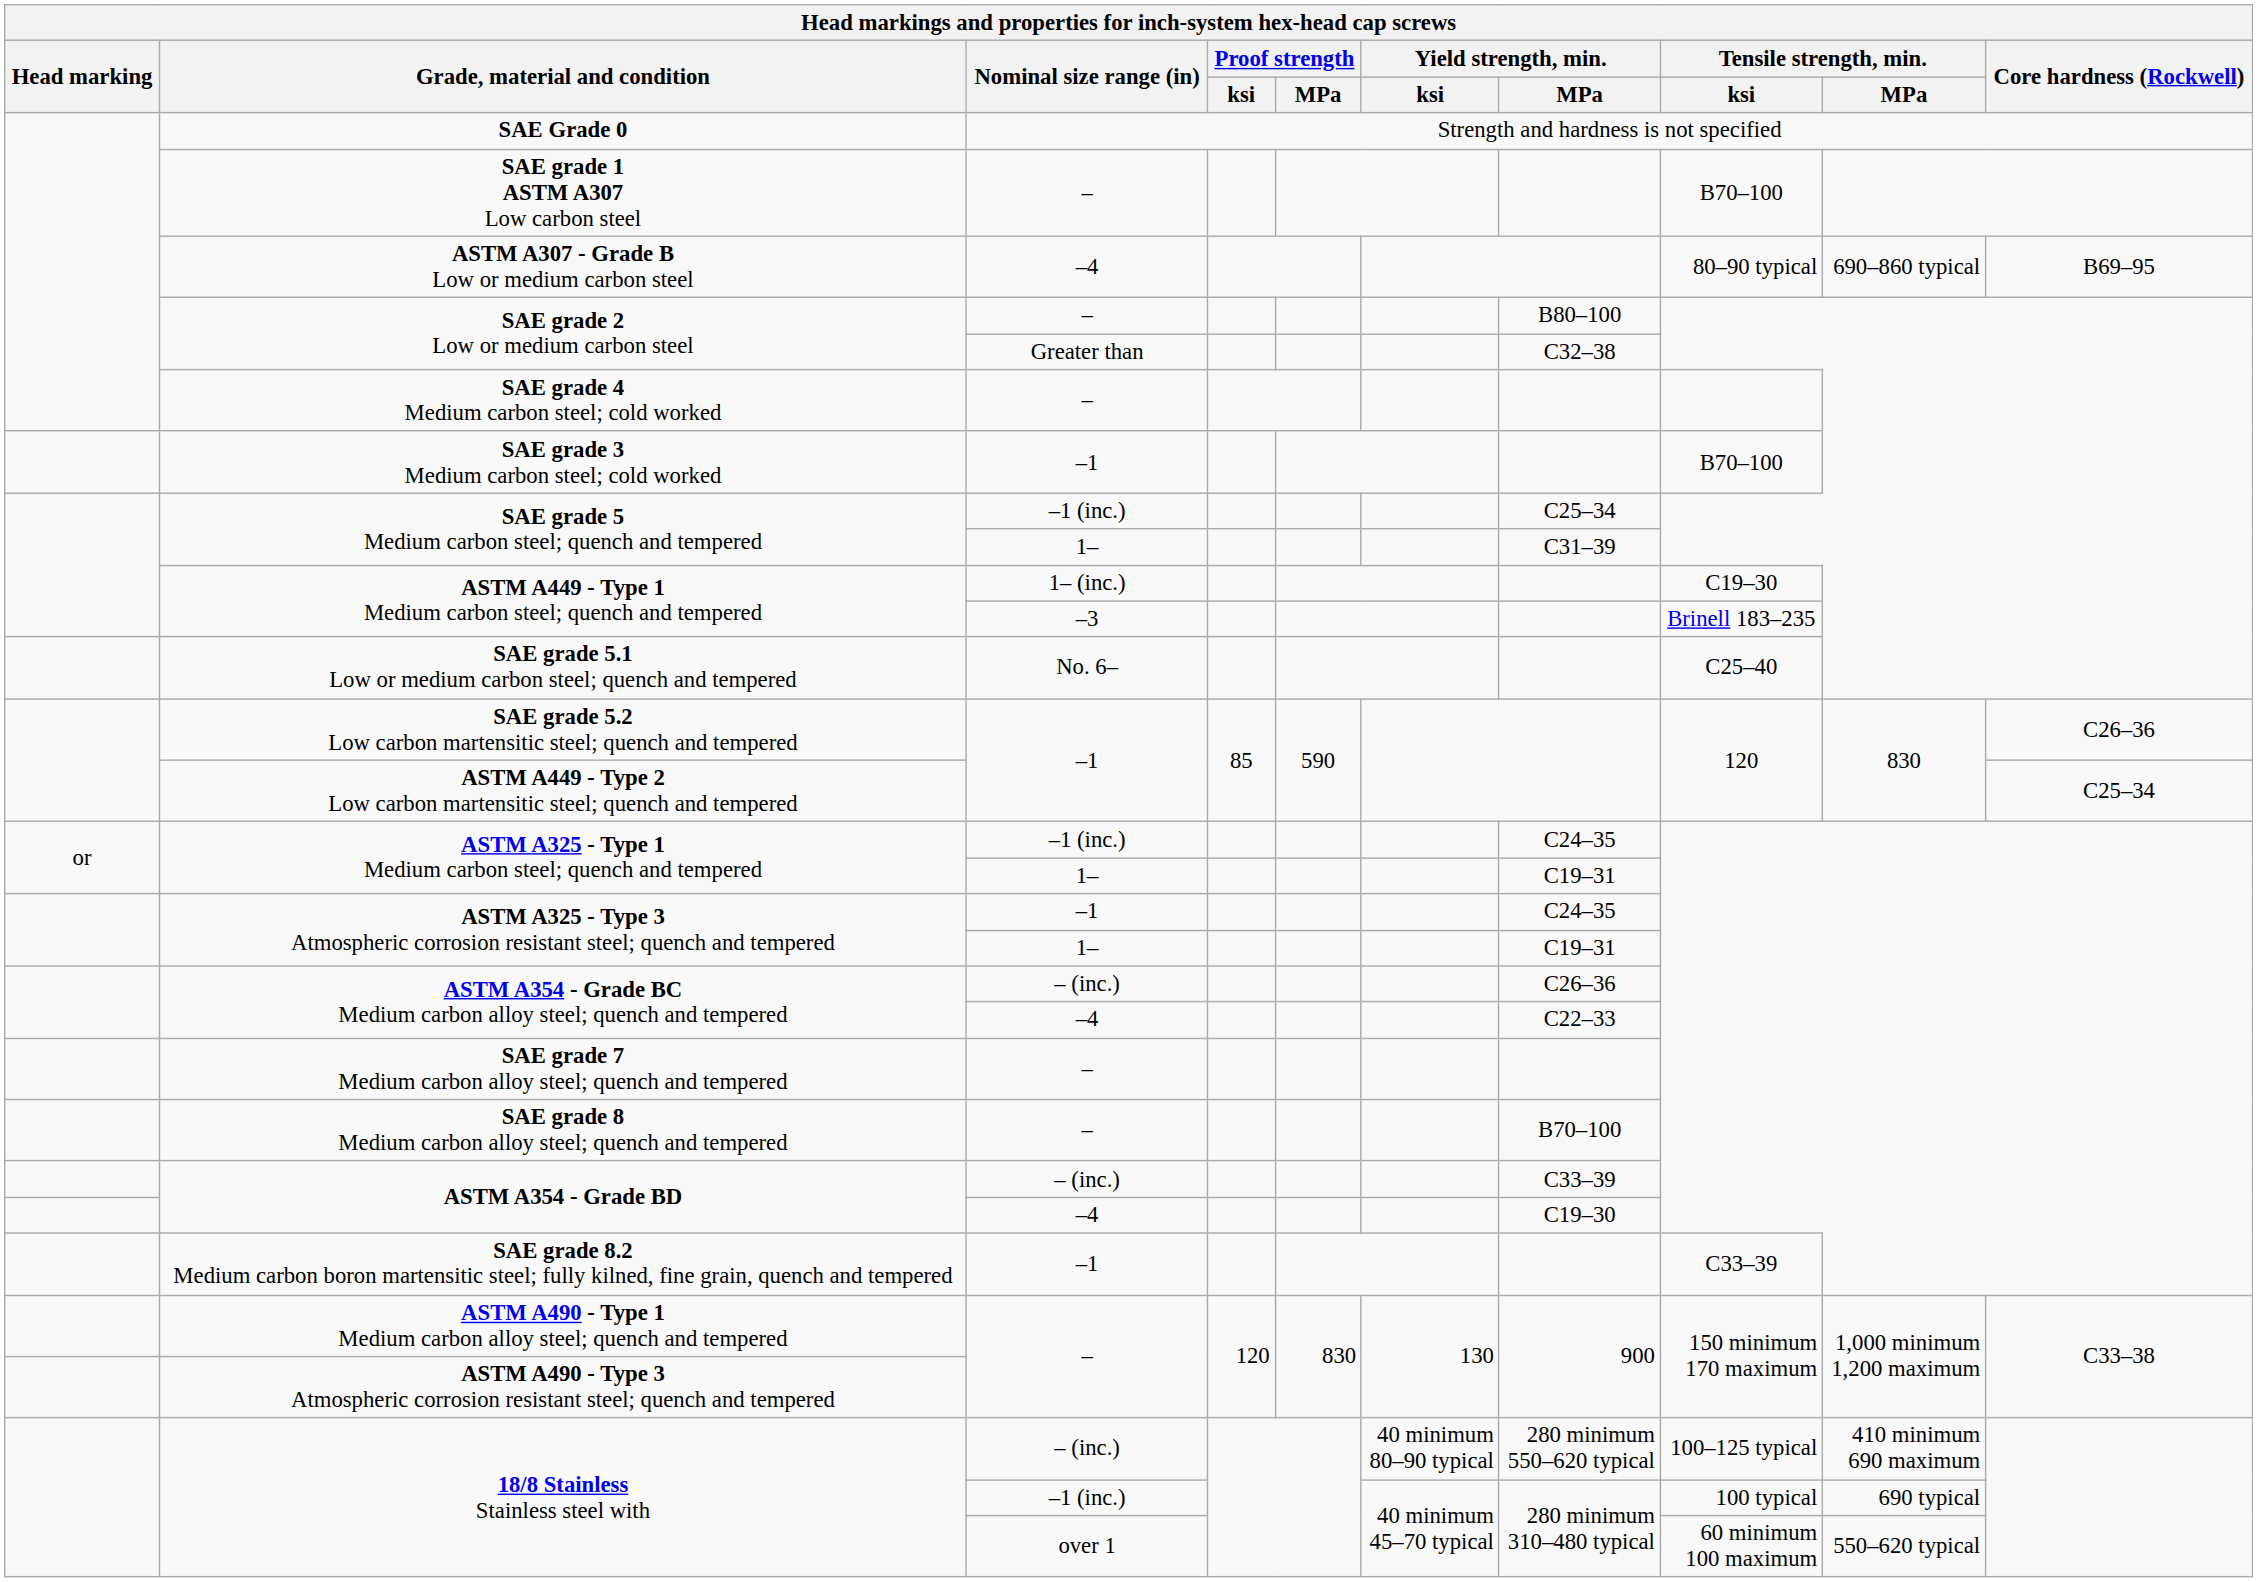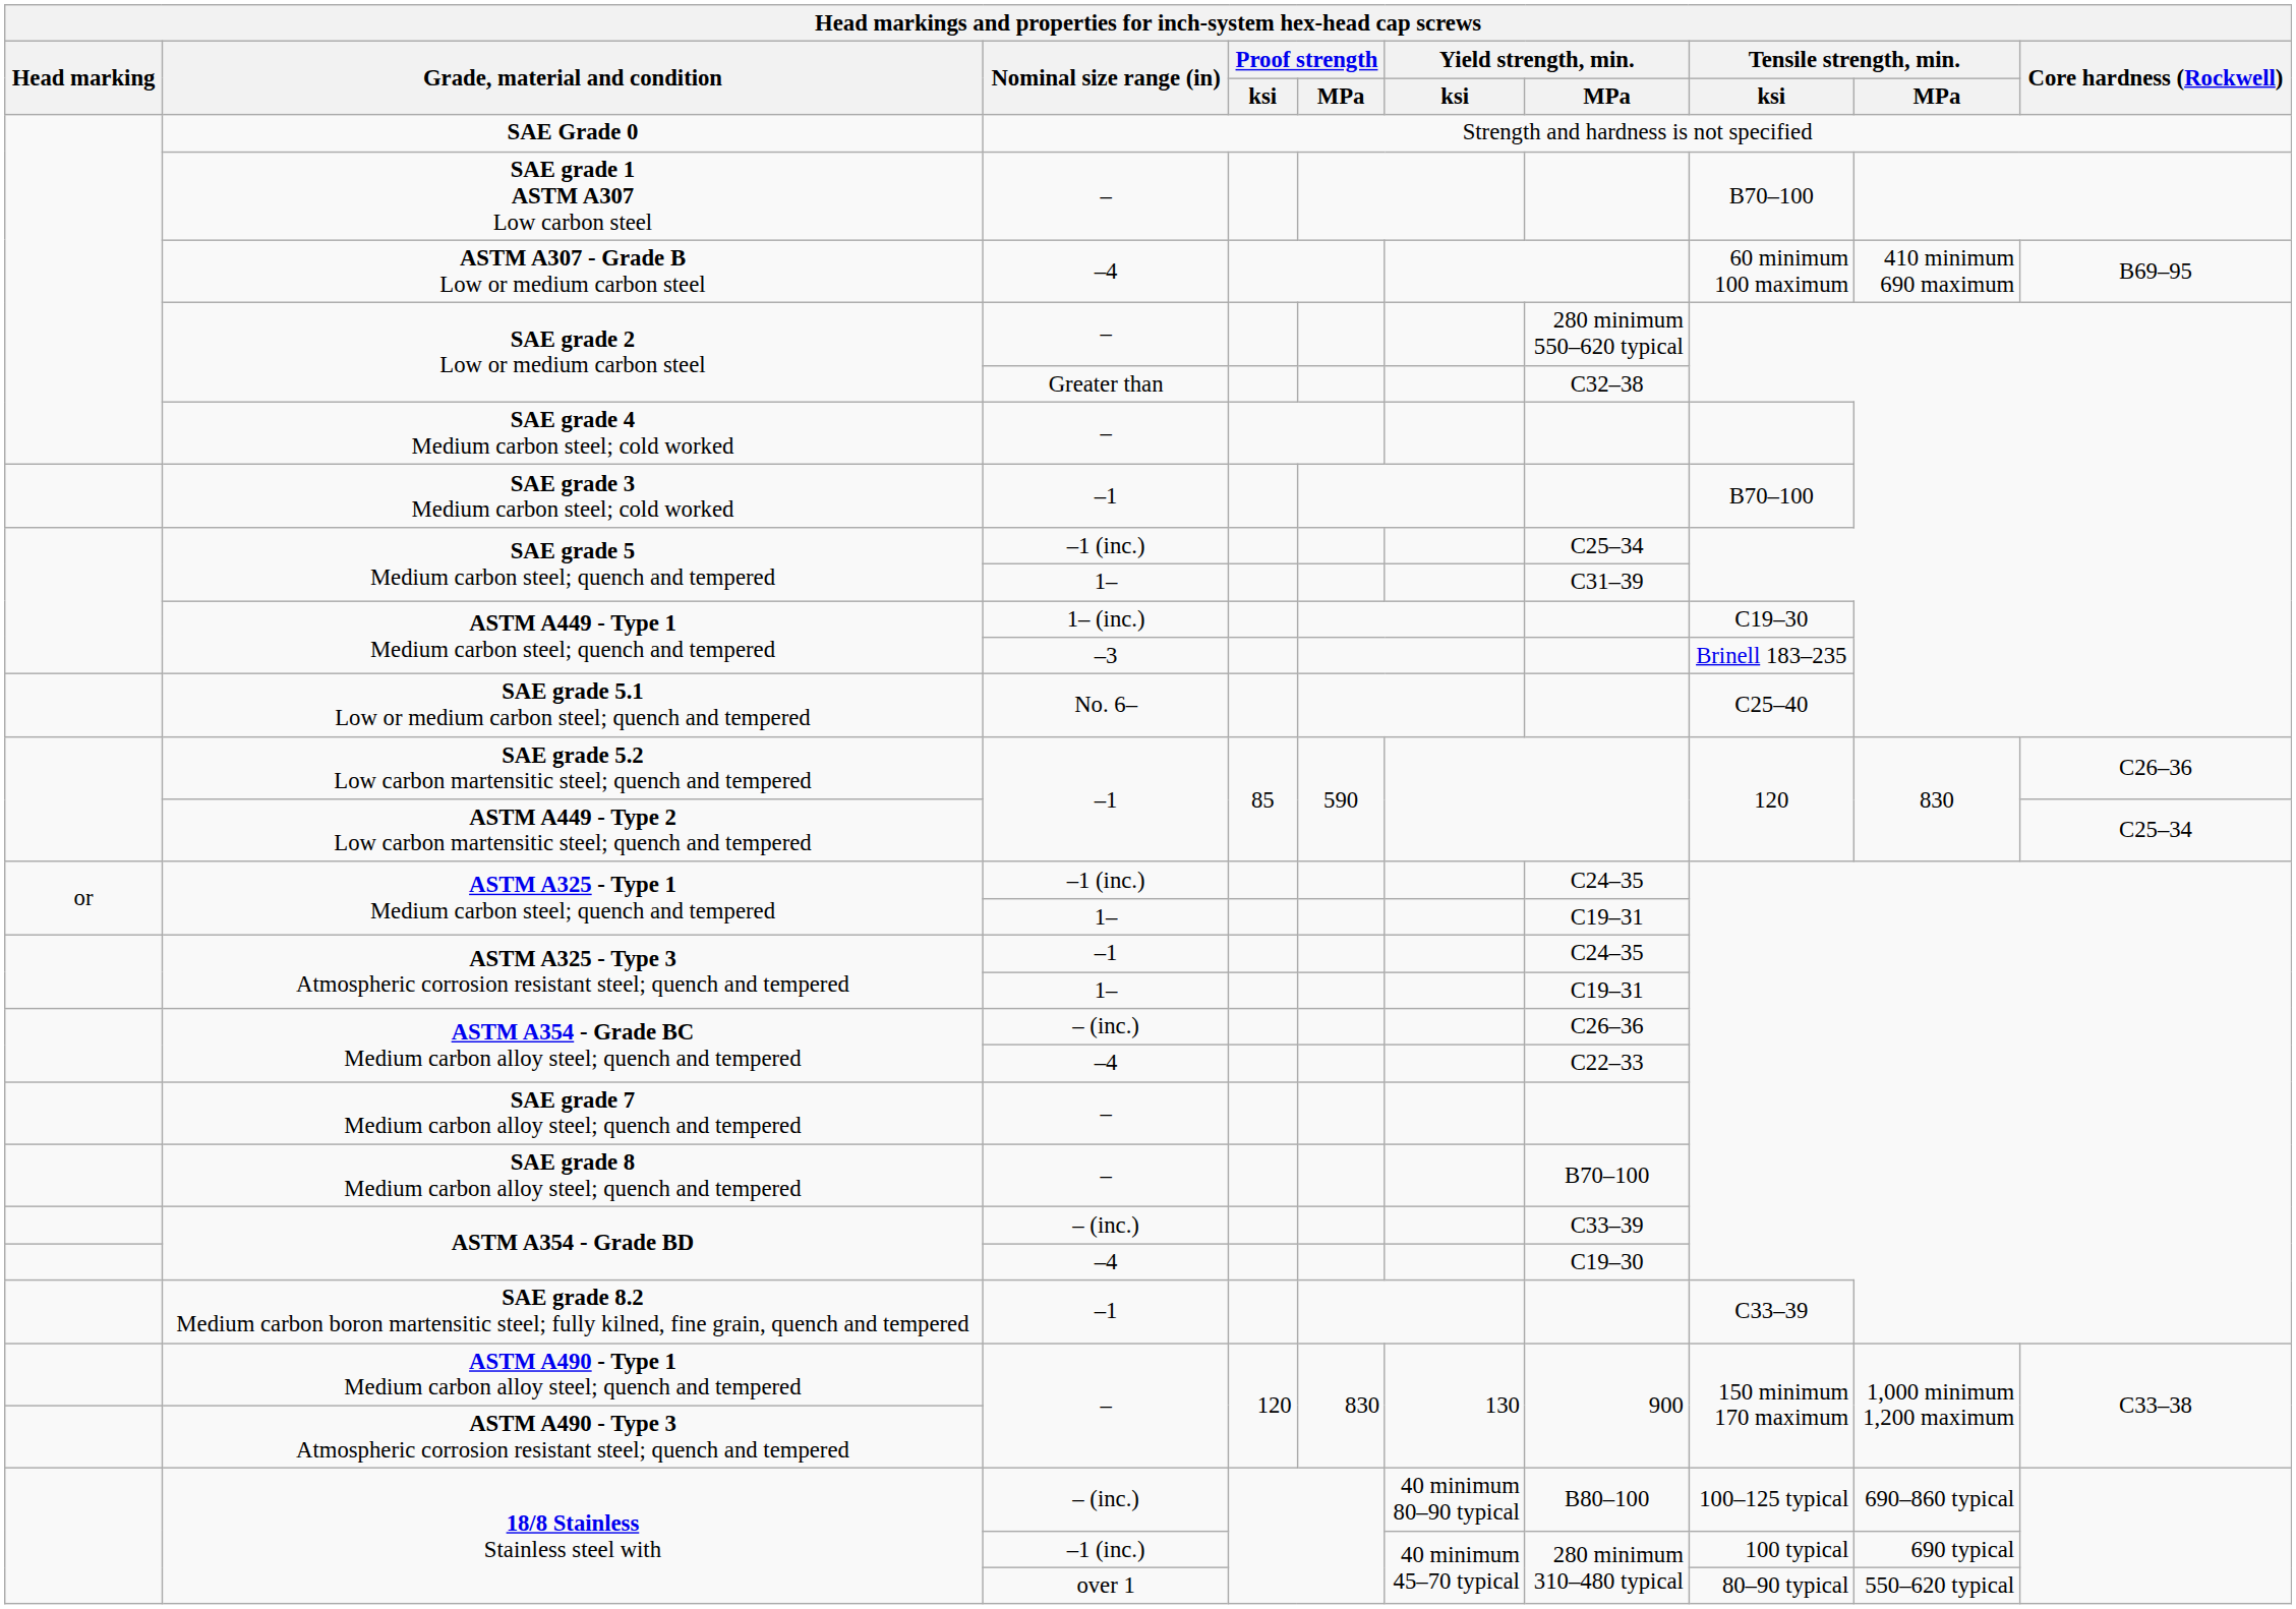 <table class="wikitable collapsible collapsed" width="100%" border="1" style="text-align:center">
 <tr>
 <th colspan=10>Head markings and properties for inch-system hex-head cap screws</th>
 </tr>
 <tr>
 <th rowspan=2>Head marking</th>
 <th rowspan=2>Grade, material and condition</th>
 <th rowspan=2>Nominal size range (in)</th>
 <th colspan=2><a href='#'>Proof strength</a></th>
 <th colspan=2>Yield strength, min.</th>
 <th colspan=2>Tensile strength, min.</th>
 <th rowspan=2>Core hardness (<a href='#'>Rockwell</a>)</th>
 </tr>
 <tr>
 <th>ksi</th>
 <th>MPa</th>
 <th>ksi</th>
 <th>MPa</th>
 <th>ksi</th>
 <th>MPa</th>
 </tr>
 <tr>
 <td rowspan=6></td>
 <td><strong>SAE Grade 0</strong></td>
 <td colspan=8>Strength and hardness is not specified</td>
 </tr>
 <tr>
 <td><strong>SAE grade 1</strong><br><strong>ASTM A307</strong><br>Low carbon steel</td>
 <td>–</td>
 <td></td>
 <td colspan=2></td>
 <td></td>
 <td>B70–100</td>
 </tr>
 <tr>
 <td><strong>ASTM A307 - Grade B</strong><br>Low or medium carbon steel</td>
 <td>–4</td>
 <td colspan=2></td>
 <td colspan=2></td>
-<td align=right>80–90 typical</td>
-<td align=right>690–860 typical</td>
+<td align=right>60 minimum<br>100 maximum</td>
+<td align=right>410 minimum<br>690 maximum</td>
 <td>B69–95</td>
 </tr>
 <tr>
 <td rowspan=2><strong>SAE grade 2</strong><br>Low or medium carbon steel</td>
 <td>–</td>
 <td></td>
 <td></td>
 <td></td>
-<td>B80–100</td>
+<td align=right>280 minimum <br>550–620 typical</td>
 </tr>
 <tr>
 <td>Greater than </td>
 <td></td>
 <td></td>
 <td></td>
 <td>C32–38</td>
 </tr>
 <tr>
 <td><strong>SAE grade 4</strong><br>Medium carbon steel; cold worked</td>
 <td>–</td>
 <td colspan=2></td>
 <td></td>
 <td></td>
 <td></td>
 </tr>
 <tr>
 <td></td>
 <td><strong>SAE grade 3</strong><br>Medium carbon steel; cold worked</td>
 <td>–1</td>
 <td></td>
 <td colspan=2></td>
 <td></td>
 <td>B70–100</td>
 </tr>
 <tr>
 <td rowspan=4></td>
 <td rowspan=2><strong>SAE grade 5</strong><br>Medium carbon steel; quench and tempered</td>
 <td>–1 (inc.)</td>
 <td></td>
 <td></td>
 <td></td>
 <td>C25–34</td>
 </tr>
 <tr>
 <td>1–</td>
 <td></td>
 <td></td>
 <td></td>
 <td>C31–39</td>
 </tr>
 <tr>
 <td rowspan=2><strong>ASTM A449 - Type 1</strong><br>Medium carbon steel; quench and tempered</td>
 <td>1– (inc.)</td>
 <td></td>
 <td colspan=2></td>
 <td></td>
 <td>C19–30</td>
 </tr>
 <tr>
 <td>–3</td>
 <td></td>
 <td colspan=2></td>
 <td></td>
 <td><a href='#'>Brinell</a> 183–235</td>
 </tr>
 <tr>
 <td></td>
 <td><strong>SAE grade 5.1</strong><br>Low or medium carbon steel; quench and tempered</td>
 <td>No. 6–</td>
 <td></td>
 <td colspan=2></td>
 <td></td>
 <td>C25–40</td>
 </tr>
 <tr>
 <td rowspan=2></td>
 <td><strong>SAE grade 5.2</strong><br>Low carbon martensitic steel; quench and tempered</td>
 <td rowspan=2>–1</td>
 <td rowspan=2>85</td>
 <td rowspan=2>590</td>
 <td rowspan=2 colspan=2></td>
 <td rowspan=2>120</td>
 <td rowspan=2>830</td>
 <td>C26–36</td>
 </tr>
 <tr>
 <td><strong>ASTM A449 - Type 2</strong><br>Low carbon martensitic steel; quench and tempered</td>
 <td>C25–34</td>
 </tr>
 <tr>
 <td rowspan=2>or </td>
 <td rowspan=2><strong><a href='#'>ASTM A325</a> - Type 1</strong><br>Medium carbon steel; quench and tempered</td>
 <td>–1 (inc.)</td>
 <td></td>
 <td></td>
 <td></td>
 <td>C24–35</td>
 </tr>
 <tr>
 <td>1–</td>
 <td></td>
 <td></td>
 <td></td>
 <td>C19–31</td>
 </tr>
 <tr>
 <td rowspan=2></td>
 <td rowspan=2><strong>ASTM A325 - Type 3</strong><br>Atmospheric corrosion resistant steel; quench and tempered</td>
 <td>–1</td>
 <td></td>
 <td></td>
 <td></td>
 <td>C24–35</td>
 </tr>
 <tr>
 <td>1–</td>
 <td></td>
 <td></td>
 <td></td>
 <td>C19–31</td>
 </tr>
 <tr>
 <td rowspan=2></td>
 <td rowspan=2><strong><a href='#'>ASTM A354</a> - Grade BC</strong><br>Medium carbon alloy steel; quench and tempered</td>
 <td>– (inc.)</td>
 <td></td>
 <td></td>
 <td></td>
 <td>C26–36</td>
 </tr>
 <tr>
 <td>–4</td>
 <td></td>
 <td></td>
 <td></td>
 <td>C22–33</td>
 </tr>
 <tr>
 <td></td>
 <td><strong>SAE grade 7</strong><br>Medium carbon alloy steel; quench and tempered</td>
 <td>–</td>
 <td></td>
 <td></td>
 <td></td>
 <td></td>
 </tr>
 <tr>
 <td></td>
 <td><strong>SAE grade 8</strong><br>Medium carbon alloy steel; quench and tempered</td>
 <td>–</td>
 <td></td>
 <td></td>
 <td></td>
 <td>B70–100</td>
 </tr>
 <tr>
 <td></td>
 <td rowspan=2><strong>ASTM A354 - Grade BD</strong></td>
 <td>– (inc.)</td>
 <td></td>
 <td></td>
 <td></td>
 <td>C33–39</td>
 </tr>
 <tr>
 <td></td>
 <td>–4</td>
 <td></td>
 <td></td>
 <td></td>
 <td>C19–30</td>
 </tr>
 <tr>
 <td></td>
 <td><strong>SAE grade 8.2</strong><br>Medium carbon boron martensitic steel; fully kilned, fine grain, quench and tempered</td>
 <td>–1</td>
 <td></td>
 <td colspan=2></td>
 <td></td>
 <td>C33–39</td>
 </tr>
 <tr>
 <td></td>
 <td><strong><a href='#'>ASTM A490</a> - Type 1</strong><br>Medium carbon alloy steel; quench and tempered</td>
 <td rowspan=2>–</td>
 <td rowspan=2 align=right>120</td>
 <td rowspan=2 align=right>830</td>
 <td rowspan=2 align=right>130</td>
 <td rowspan=2 align=right>900</td>
 <td rowspan=2 align=right>150 minimum<br>170 maximum</td>
 <td rowspan=2 align=right>1,000 minimum<br>1,200 maximum</td>
 <td rowspan=2>C33–38</td>
 </tr>
 <tr>
 <td></td>
 <td><strong>ASTM A490 - Type 3</strong><br>Atmospheric corrosion resistant steel; quench and tempered</td>
 </tr>
 <tr>
 <td rowspan=3></td>
 <td rowspan=3><strong><a href='#'>18/8 Stainless</a></strong><br>Stainless steel with  </td>
 <td>– (inc.)</td>
 <td rowspan=3 colspan=2></td>
 <td align=right>40 minimum <br>80–90 typical</td>
-<td align=right>280 minimum <br>550–620 typical</td>
+<td>B80–100</td>
 <td align=right>100–125 typical</td>
-<td align=right>410 minimum<br>690 maximum</td>
+<td align=right>690–860 typical</td>
 <td rowspan=3></td>
 </tr>
 <tr>
 <td>–1 (inc.)</td>
 <td rowspan=2 align=right>40 minimum<br>45–70 typical</td>
 <td rowspan=2 align=right>280 minimum<br>310–480 typical</td>
 <td align=right>100 typical</td>
 <td align=right>690 typical</td>
 </tr>
 <tr>
 <td>over 1</td>
-<td align=right>60 minimum<br>100 maximum</td>
+<td align=right>80–90 typical</td>
 <td align=right>550–620 typical</td>
 </tr>
 </table>
